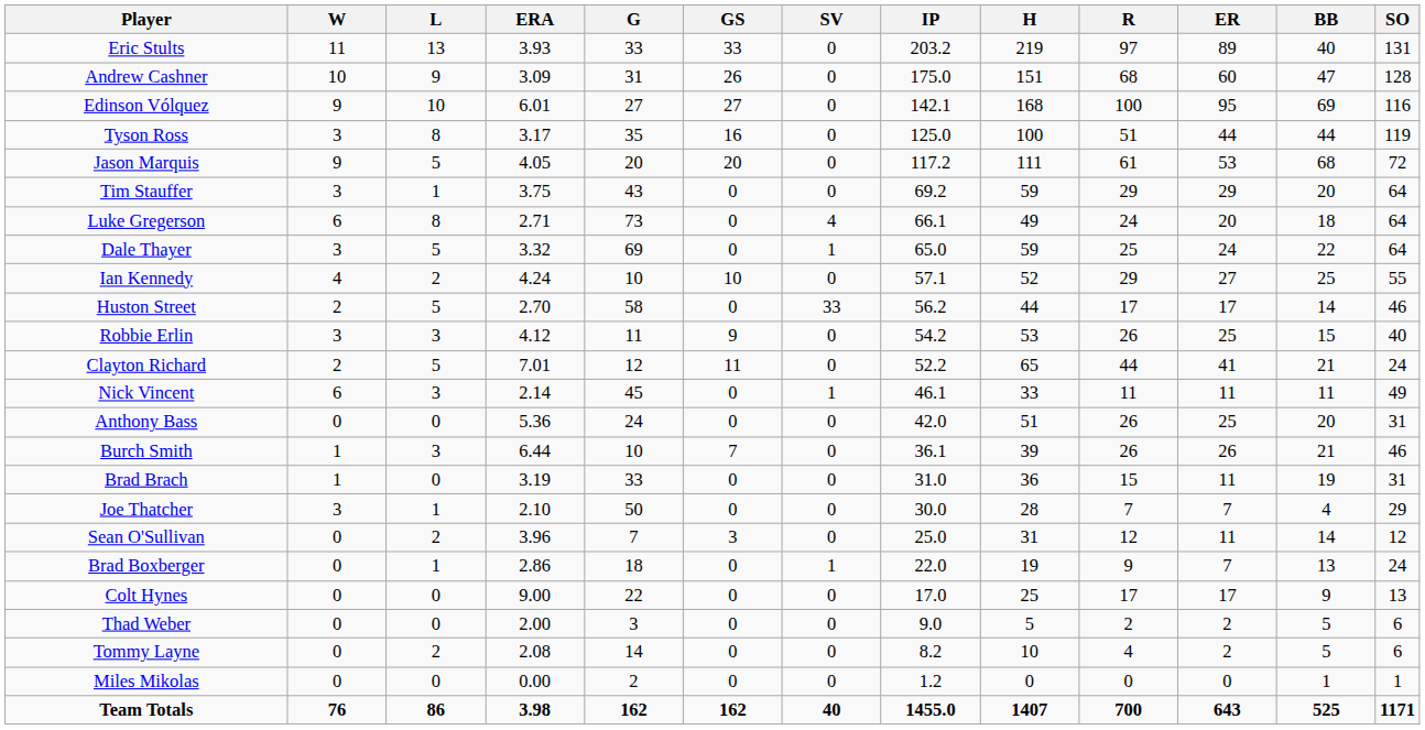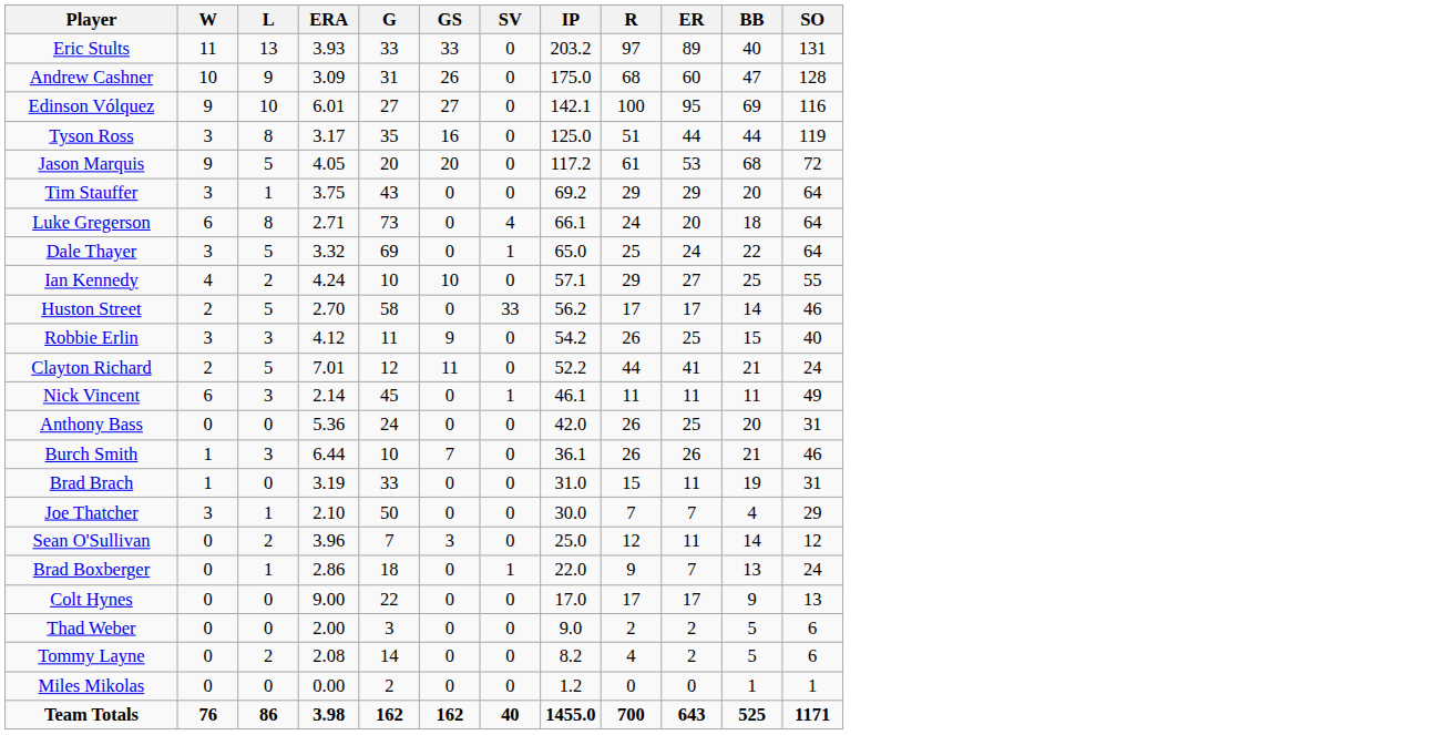 <table class=wikitable style="text-align:center">
 <tr>
 <th bgcolor=#DDDDFF; width="20%">Player</th>
 <th bgcolor=#DDDDFF; width="7%">W</th>
 <th bgcolor=#DDDDFF; width="7%">L</th>
 <th bgcolor=#DDDDFF; width="7%">ERA</th>
 <th bgcolor=#DDDDFF; width="7%">G</th>
 <th bgcolor=#DDDDFF; width="7%">GS</th>
 <th bgcolor=#DDDDFF; width="7%">SV</th>
 <th bgcolor=#DDDDFF; width="7%">IP</th>
-<th bgcolor=#DDDDFF; width="7%">H</th>
 <th bgcolor=#DDDDFF; width="7%">R</th>
 <th bgcolor=#DDDDFF; width="7%'">ER</th>
 <th bgcolor=#DDDDFF; width="7%">BB</th>
 <th bgcolor=#DDDDFF; width="7%">SO</th>
 </tr>
 <tr>
 <td><a href='#'>Eric Stults</a></td>
 <td>11</td>
 <td>13</td>
 <td>3.93</td>
 <td>33</td>
 <td>33</td>
 <td>0</td>
 <td>203.2</td>
-<td>219</td>
 <td>97</td>
 <td>89</td>
 <td>40</td>
 <td>131</td>
 </tr>
 <tr>
 <td><a href='#'>Andrew Cashner</a></td>
 <td>10</td>
 <td>9</td>
 <td>3.09</td>
 <td>31</td>
 <td>26</td>
 <td>0</td>
 <td>175.0</td>
-<td>151</td>
 <td>68</td>
 <td>60</td>
 <td>47</td>
 <td>128</td>
 </tr>
 <tr>
 <td><a href='#'>Edinson Vólquez</a></td>
 <td>9</td>
 <td>10</td>
 <td>6.01</td>
 <td>27</td>
 <td>27</td>
 <td>0</td>
 <td>142.1</td>
-<td>168</td>
 <td>100</td>
 <td>95</td>
 <td>69</td>
 <td>116</td>
 </tr>
 <tr>
 <td><a href='#'>Tyson Ross</a></td>
 <td>3</td>
 <td>8</td>
 <td>3.17</td>
 <td>35</td>
 <td>16</td>
 <td>0</td>
 <td>125.0</td>
-<td>100</td>
 <td>51</td>
 <td>44</td>
 <td>44</td>
 <td>119</td>
 </tr>
 <tr>
 <td><a href='#'>Jason Marquis</a></td>
 <td>9</td>
 <td>5</td>
 <td>4.05</td>
 <td>20</td>
 <td>20</td>
 <td>0</td>
 <td>117.2</td>
-<td>111</td>
 <td>61</td>
 <td>53</td>
 <td>68</td>
 <td>72</td>
 </tr>
 <tr>
 <td><a href='#'>Tim Stauffer</a></td>
 <td>3</td>
 <td>1</td>
 <td>3.75</td>
 <td>43</td>
 <td>0</td>
 <td>0</td>
 <td>69.2</td>
-<td>59</td>
 <td>29</td>
 <td>29</td>
 <td>20</td>
 <td>64</td>
 </tr>
 <tr>
 <td><a href='#'>Luke Gregerson</a></td>
 <td>6</td>
 <td>8</td>
 <td>2.71</td>
 <td>73</td>
 <td>0</td>
 <td>4</td>
 <td>66.1</td>
-<td>49</td>
 <td>24</td>
 <td>20</td>
 <td>18</td>
 <td>64</td>
 </tr>
 <tr>
 <td><a href='#'>Dale Thayer</a></td>
 <td>3</td>
 <td>5</td>
 <td>3.32</td>
 <td>69</td>
 <td>0</td>
 <td>1</td>
 <td>65.0</td>
-<td>59</td>
 <td>25</td>
 <td>24</td>
 <td>22</td>
 <td>64</td>
 </tr>
 <tr>
 <td><a href='#'>Ian Kennedy</a></td>
 <td>4</td>
 <td>2</td>
 <td>4.24</td>
 <td>10</td>
 <td>10</td>
 <td>0</td>
 <td>57.1</td>
-<td>52</td>
 <td>29</td>
 <td>27</td>
 <td>25</td>
 <td>55</td>
 </tr>
 <tr>
 <td><a href='#'>Huston Street</a></td>
 <td>2</td>
 <td>5</td>
 <td>2.70</td>
 <td>58</td>
 <td>0</td>
 <td>33</td>
 <td>56.2</td>
-<td>44</td>
 <td>17</td>
 <td>17</td>
 <td>14</td>
 <td>46</td>
 </tr>
 <tr>
 <td><a href='#'>Robbie Erlin</a></td>
 <td>3</td>
 <td>3</td>
 <td>4.12</td>
 <td>11</td>
 <td>9</td>
 <td>0</td>
 <td>54.2</td>
-<td>53</td>
 <td>26</td>
 <td>25</td>
 <td>15</td>
 <td>40</td>
 </tr>
 <tr>
 <td><a href='#'>Clayton Richard</a></td>
 <td>2</td>
 <td>5</td>
 <td>7.01</td>
 <td>12</td>
 <td>11</td>
 <td>0</td>
 <td>52.2</td>
-<td>65</td>
 <td>44</td>
 <td>41</td>
 <td>21</td>
 <td>24</td>
 </tr>
 <tr>
 <td><a href='#'>Nick Vincent</a></td>
 <td>6</td>
 <td>3</td>
 <td>2.14</td>
 <td>45</td>
 <td>0</td>
 <td>1</td>
 <td>46.1</td>
-<td>33</td>
 <td>11</td>
 <td>11</td>
 <td>11</td>
 <td>49</td>
 </tr>
 <tr>
 <td><a href='#'>Anthony Bass</a></td>
 <td>0</td>
 <td>0</td>
 <td>5.36</td>
 <td>24</td>
 <td>0</td>
 <td>0</td>
 <td>42.0</td>
-<td>51</td>
 <td>26</td>
 <td>25</td>
 <td>20</td>
 <td>31</td>
 </tr>
 <tr>
 <td><a href='#'>Burch Smith</a></td>
 <td>1</td>
 <td>3</td>
 <td>6.44</td>
 <td>10</td>
 <td>7</td>
 <td>0</td>
 <td>36.1</td>
-<td>39</td>
 <td>26</td>
 <td>26</td>
 <td>21</td>
 <td>46</td>
 </tr>
 <tr>
 <td><a href='#'>Brad Brach</a></td>
 <td>1</td>
 <td>0</td>
 <td>3.19</td>
 <td>33</td>
 <td>0</td>
 <td>0</td>
 <td>31.0</td>
-<td>36</td>
 <td>15</td>
 <td>11</td>
 <td>19</td>
 <td>31</td>
 </tr>
 <tr>
 <td><a href='#'>Joe Thatcher</a></td>
 <td>3</td>
 <td>1</td>
 <td>2.10</td>
 <td>50</td>
 <td>0</td>
 <td>0</td>
 <td>30.0</td>
-<td>28</td>
 <td>7</td>
 <td>7</td>
 <td>4</td>
 <td>29</td>
 </tr>
 <tr>
 <td><a href='#'>Sean O'Sullivan</a></td>
 <td>0</td>
 <td>2</td>
 <td>3.96</td>
 <td>7</td>
 <td>3</td>
 <td>0</td>
 <td>25.0</td>
-<td>31</td>
 <td>12</td>
 <td>11</td>
 <td>14</td>
 <td>12</td>
 </tr>
 <tr>
 <td><a href='#'>Brad Boxberger</a></td>
 <td>0</td>
 <td>1</td>
 <td>2.86</td>
 <td>18</td>
 <td>0</td>
 <td>1</td>
 <td>22.0</td>
-<td>19</td>
 <td>9</td>
 <td>7</td>
 <td>13</td>
 <td>24</td>
 </tr>
 <tr>
 <td><a href='#'>Colt Hynes</a></td>
 <td>0</td>
 <td>0</td>
 <td>9.00</td>
 <td>22</td>
 <td>0</td>
 <td>0</td>
 <td>17.0</td>
-<td>25</td>
 <td>17</td>
 <td>17</td>
 <td>9</td>
 <td>13</td>
 </tr>
 <tr>
 <td><a href='#'>Thad Weber</a></td>
 <td>0</td>
 <td>0</td>
 <td>2.00</td>
 <td>3</td>
 <td>0</td>
 <td>0</td>
 <td>9.0</td>
-<td>5</td>
 <td>2</td>
 <td>2</td>
 <td>5</td>
 <td>6</td>
 </tr>
 <tr>
 <td><a href='#'>Tommy Layne</a></td>
 <td>0</td>
 <td>2</td>
 <td>2.08</td>
 <td>14</td>
 <td>0</td>
 <td>0</td>
 <td>8.2</td>
-<td>10</td>
 <td>4</td>
 <td>2</td>
 <td>5</td>
 <td>6</td>
 </tr>
 <tr>
 <td><a href='#'>Miles Mikolas</a></td>
 <td>0</td>
 <td>0</td>
 <td>0.00</td>
 <td>2</td>
 <td>0</td>
 <td>0</td>
 <td>1.2</td>
 <td>0</td>
 <td>0</td>
-<td>0</td>
 <td>1</td>
 <td>1</td>
 </tr>
 <tr>
 <td><strong>Team Totals</strong></td>
 <td><strong>76</strong></td>
 <td><strong>86</strong></td>
 <td><strong>3.98</strong></td>
 <td><strong>162</strong></td>
 <td><strong>162</strong></td>
 <td><strong>40</strong></td>
 <td><strong>1455.0</strong></td>
-<td><strong>1407</strong></td>
 <td><strong>700</strong></td>
 <td><strong>643</strong></td>
 <td><strong>525</strong></td>
 <td><strong>1171</strong></td>
 </tr>
 </table>
